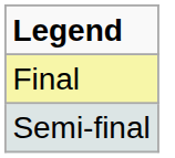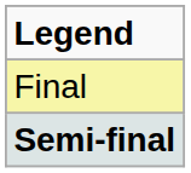 <table class="wikitable" style="font-size:95%">
 <tr>
 <td><strong>Legend</strong></td>
 </tr>
 <tr bgcolor="#F7F6A8">
 <td>Final</td>
 </tr>
 <tr bgcolor="#DCE5E5">
-<td>Semi-final</td>
+<td><strong>Semi-final</strong></td>
 </tr>
 </table>
